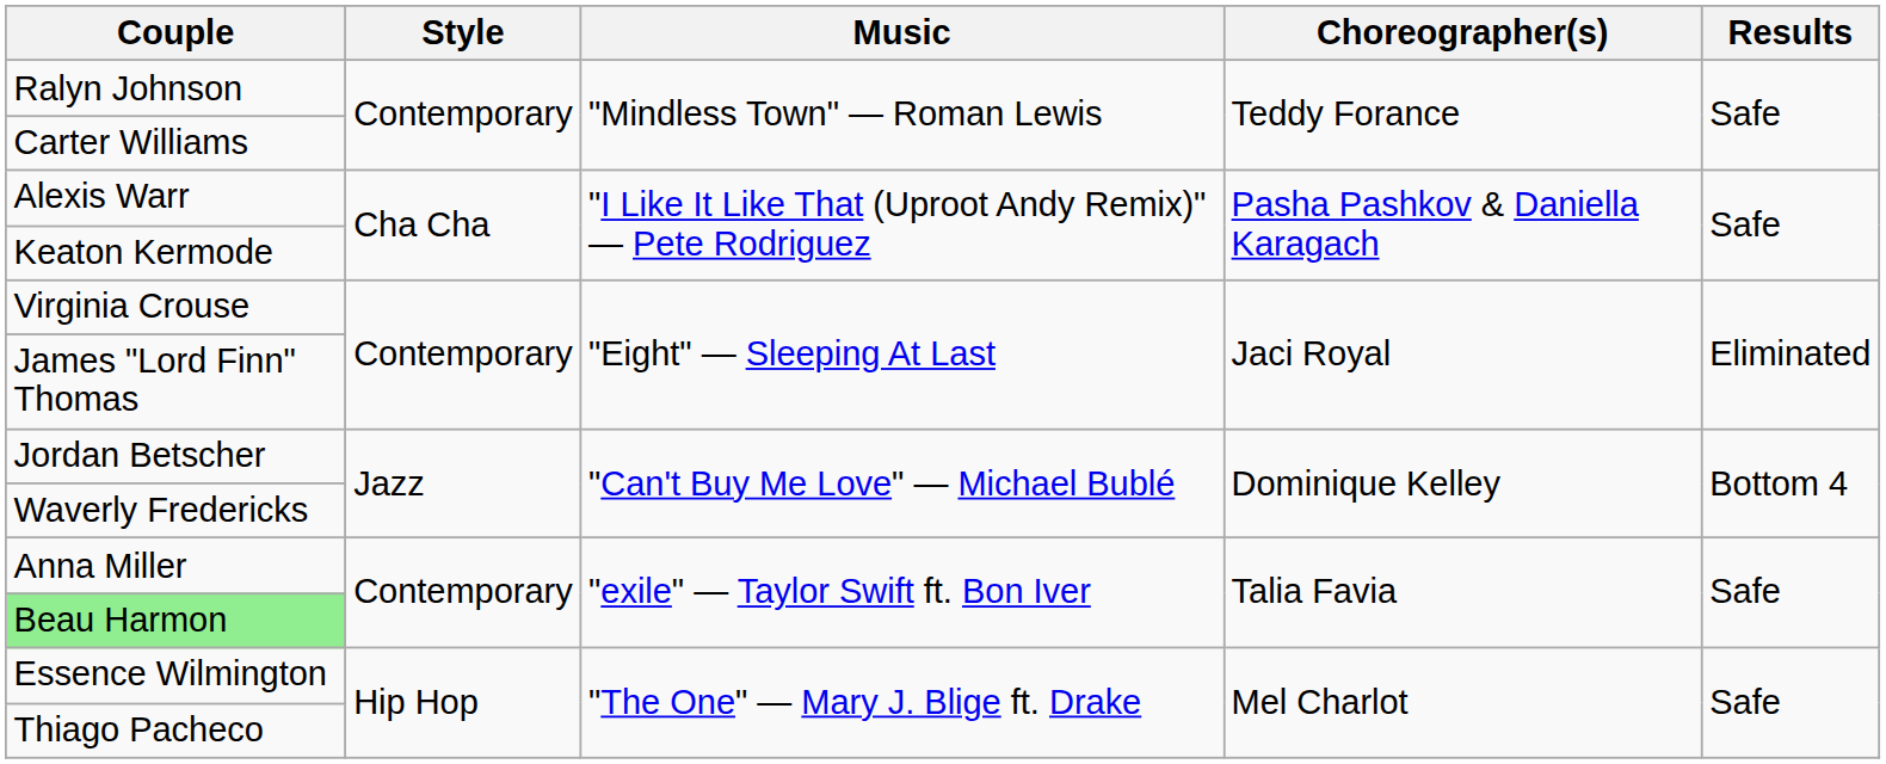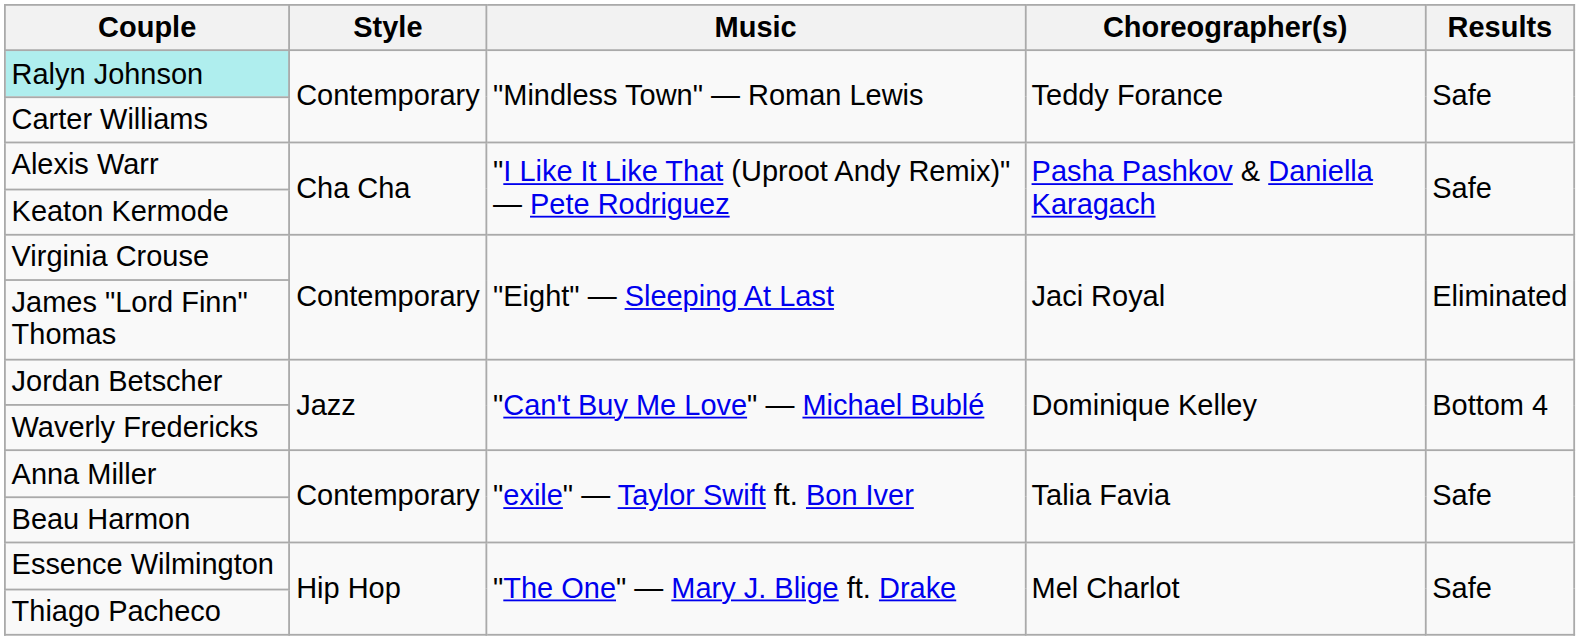 <table class="wikitable">
 <tr>
 <th>Couple</th>
 <th>Style</th>
 <th>Music</th>
 <th>Choreographer(s)</th>
 <th>Results</th>
 </tr>
 <tr>
-<td>Ralyn Johnson</td>
+<td style="background: paleturquoise;">Ralyn Johnson</td>
 <td rowspan="2">Contemporary</td>
 <td rowspan="2">"Mindless Town" — Roman Lewis</td>
 <td rowspan="2">Teddy Forance</td>
 <td rowspan="2">Safe</td>
 </tr>
 <tr>
 <td>Carter Williams</td>
 </tr>
 <tr>
 <td>Alexis Warr</td>
 <td rowspan="2">Cha Cha</td>
 <td rowspan="2">"<a href='#'>I Like It Like That</a> (Uproot Andy Remix)" — <a href='#'>Pete Rodriguez</a></td>
 <td rowspan="2"><a href='#'>Pasha Pashkov</a> & <a href='#'>Daniella Karagach</a></td>
 <td rowspan="2">Safe</td>
 </tr>
 <tr>
 <td>Keaton Kermode</td>
 </tr>
 <tr>
 <td>Virginia Crouse</td>
 <td rowspan="2">Contemporary</td>
 <td rowspan="2">"Eight" — <a href='#'>Sleeping At Last</a></td>
 <td rowspan="2">Jaci Royal</td>
 <td rowspan="2">Eliminated</td>
 </tr>
 <tr>
 <td>James "Lord Finn" Thomas</td>
 </tr>
 <tr>
 <td>Jordan Betscher</td>
 <td rowspan="2">Jazz</td>
 <td rowspan="2">"<a href='#'>Can't Buy Me Love</a>" — <a href='#'>Michael Bublé</a></td>
 <td rowspan="2">Dominique Kelley</td>
 <td rowspan="2">Bottom 4</td>
 </tr>
 <tr>
 <td>Waverly Fredericks</td>
 </tr>
 <tr>
 <td>Anna Miller</td>
 <td rowspan="2">Contemporary</td>
 <td rowspan="2">"<a href='#'>exile</a>" — <a href='#'>Taylor Swift</a> ft. <a href='#'>Bon Iver</a></td>
 <td rowspan="2">Talia Favia</td>
 <td rowspan="2">Safe</td>
 </tr>
 <tr>
-<td style="background: lightgreen;">Beau Harmon</td>
+<td>Beau Harmon</td>
 </tr>
 <tr>
 <td>Essence Wilmington</td>
 <td rowspan="2">Hip Hop</td>
 <td rowspan="2">"<a href='#'>The One</a>" — <a href='#'>Mary J. Blige</a> ft. <a href='#'>Drake</a></td>
 <td rowspan="2">Mel Charlot</td>
 <td rowspan="2">Safe</td>
 </tr>
 <tr>
 <td>Thiago Pacheco</td>
 </tr>
 </table>
